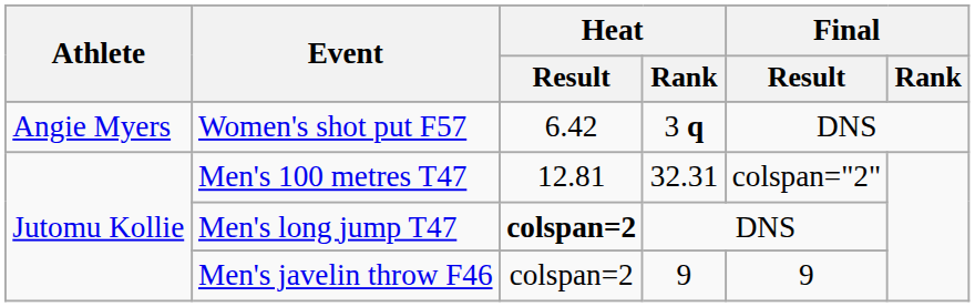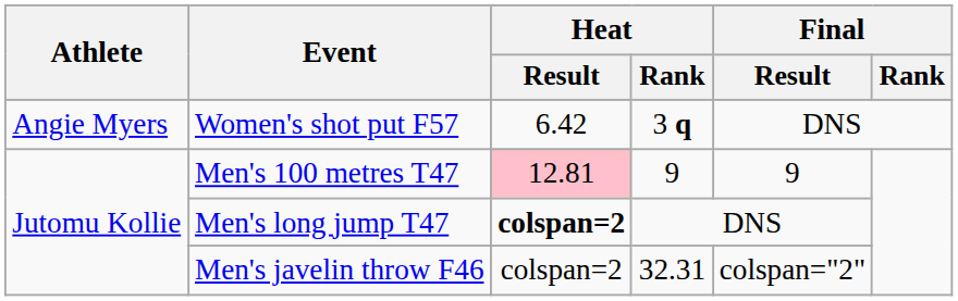 <table class="wikitable" style="text-align: center; font-size:90%">
 <tr>
 <th rowspan="2">Athlete</th>
 <th rowspan="2">Event</th>
 <th colspan="2">Heat</th>
 <th colspan="2">Final</th>
 </tr>
 <tr style="font-size:95%">
 <th>Result</th>
 <th>Rank</th>
 <th>Result</th>
 <th>Rank</th>
 </tr>
 <tr align=center>
 <td align=left><a href='#'>Angie Myers</a></td>
 <td align=left><a href='#'>Women's shot put F57</a></td>
 <td>6.42</td>
 <td>3 <strong>q</strong></td>
 <td colspan=2>DNS</td>
 </tr>
 <tr align=center>
 <td align=left rowspan="3"><a href='#'>Jutomu Kollie</a></td>
 <td align=left><a href='#'>Men's 100 metres T47</a></td>
-<td>12.81</td>
-<td>32.31</td>
-<td>colspan="2" </td>
+<td style="background: pink;">12.81</td>
+<td>9</td>
+<td>9</td>
 </tr>
 <tr align=center>
 <td align=left><a href='#'>Men's long jump T47</a></td>
 <td><strong>colspan=2 </strong></td>
 <td colspan=2>DNS</td>
 </tr>
 <tr align=center>
 <td align=left><a href='#'>Men's javelin throw F46</a></td>
 <td>colspan=2 </td>
-<td>9</td>
-<td>9</td>
+<td>32.31</td>
+<td>colspan="2" </td>
 </tr>
 </table>
